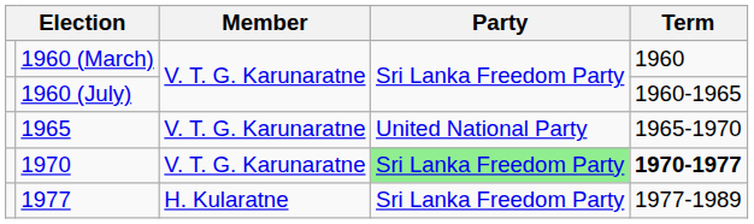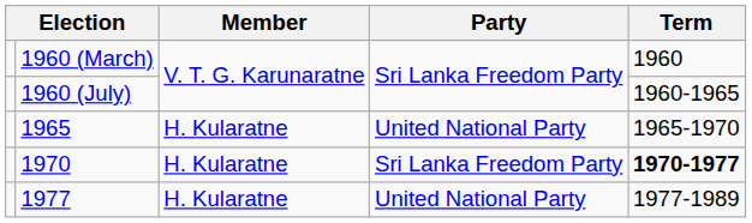 <table class="wikitable">
 <tr>
 <th colspan="2">Election</th>
 <th>Member</th>
 <th>Party</th>
 <th>Term</th>
 </tr>
 <tr>
 <td style="background-color: "></td>
 <td><a href='#'>1960 (March)</a></td>
 <td rowspan=2><a href='#'>V. T. G. Karunaratne</a></td>
 <td rowspan=2><a href='#'>Sri Lanka Freedom Party</a></td>
 <td>1960</td>
 </tr>
 <tr>
 <td style="background-color: "></td>
 <td><a href='#'>1960 (July)</a></td>
 <td>1960-1965</td>
 </tr>
 <tr>
 <td style="background-color: "></td>
 <td><a href='#'>1965</a></td>
-<td><a href='#'>V. T. G. Karunaratne</a></td>
+<td><a href='#'>H. Kularatne</a></td>
 <td><a href='#'>United National Party</a></td>
 <td>1965-1970</td>
 </tr>
 <tr>
 <td style="background-color: "></td>
 <td><a href='#'>1970</a></td>
-<td><a href='#'>V. T. G. Karunaratne</a></td>
-<td style="background: lightgreen;"><a href='#'>Sri Lanka Freedom Party</a></td>
+<td><a href='#'>H. Kularatne</a></td>
+<td><a href='#'>Sri Lanka Freedom Party</a></td>
 <td><strong>1970-1977</strong></td>
 </tr>
 <tr>
 <td style="background-color: "></td>
 <td><a href='#'>1977</a></td>
 <td><a href='#'>H. Kularatne</a></td>
-<td><a href='#'>Sri Lanka Freedom Party</a></td>
+<td><a href='#'>United National Party</a></td>
 <td>1977-1989</td>
 </tr>
 </table>
